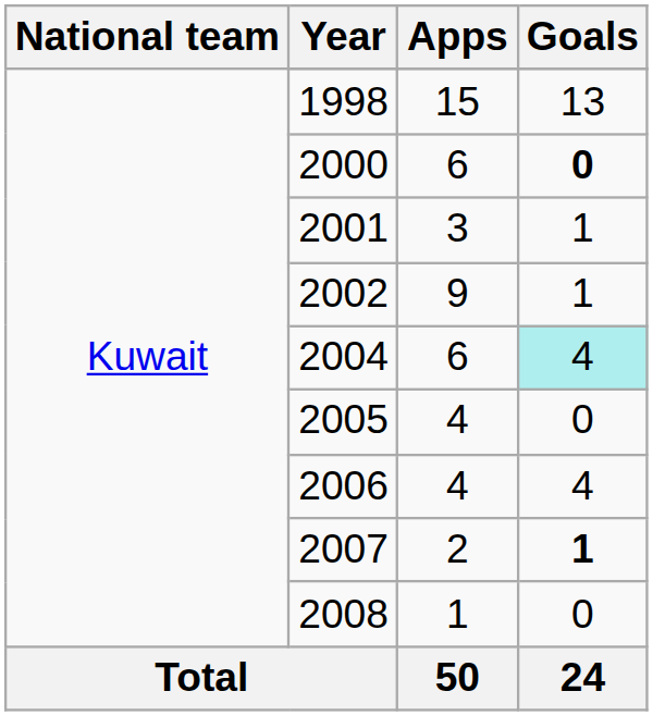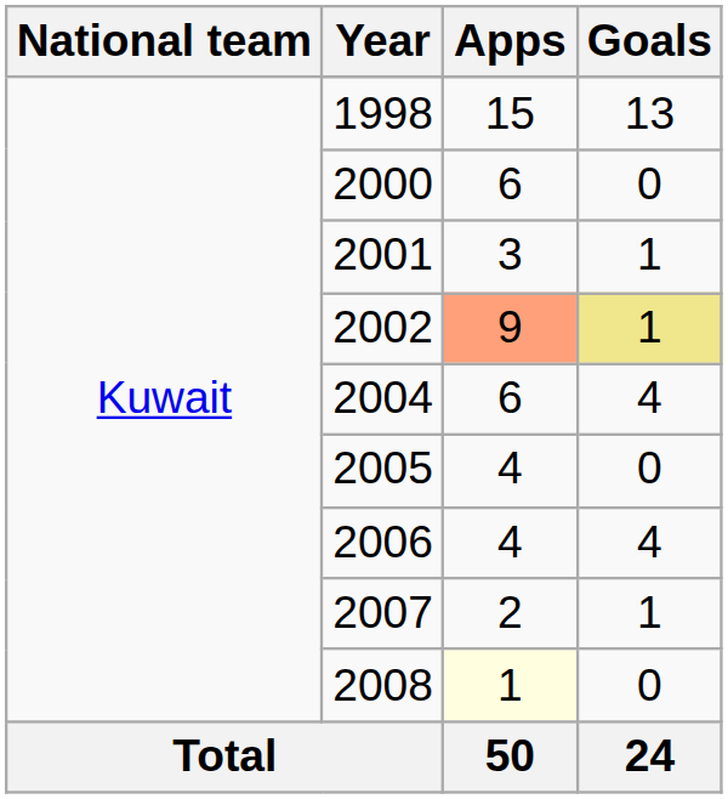 <table class="wikitable" style="text-align:center">
 <tr>
 <th>National team</th>
 <th>Year</th>
 <th>Apps</th>
 <th>Goals</th>
 </tr>
 <tr>
 <td rowspan="10"><a href='#'>Kuwait</a></td>
 </tr>
 <tr>
 <td>1998</td>
 <td>15</td>
 <td>13</td>
 </tr>
 <tr>
 <td>2000</td>
 <td>6</td>
-<td><strong>0</strong></td>
+<td>0</td>
 </tr>
 <tr>
 <td>2001</td>
 <td>3</td>
 <td>1</td>
 </tr>
 <tr>
 <td>2002</td>
-<td>9</td>
-<td>1</td>
+<td style="background: lightsalmon;">9</td>
+<td style="background: khaki;">1</td>
 </tr>
 <tr>
 <td>2004</td>
 <td>6</td>
-<td style="background: paleturquoise;">4</td>
+<td>4</td>
 </tr>
 <tr>
 <td>2005</td>
 <td>4</td>
 <td>0</td>
 </tr>
 <tr>
 <td>2006</td>
 <td>4</td>
 <td>4</td>
 </tr>
 <tr>
 <td>2007</td>
 <td>2</td>
-<td><strong>1</strong></td>
+<td>1</td>
 </tr>
 <tr>
 <td>2008</td>
-<td>1</td>
+<td style="background: lightyellow;">1</td>
 <td>0</td>
 </tr>
 <tr>
 <th colspan="2">Total</th>
 <th>50</th>
 <th>24</th>
 </tr>
 </table>
